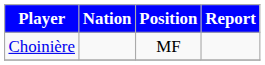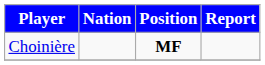 <table class="wikitable" style="font-size: 95%; text-align: center;">
 <tr>
 <th style="background:#00f; color:white; text-align:center;">Player</th>
 <th style="background:#00f; color:white; text-align:center;">Nation</th>
 <th style="background:#00f; color:white; text-align:center;">Position</th>
 <th style="background:#00f; color:white; text-align:center;">Report</th>
 </tr>
 <tr>
 <td style="text-align:left;"><a href='#'>Choinière</a></td>
 <td style="text-align:left;"></td>
-<td>MF</td>
+<td><strong>MF</strong></td>
 <td></td>
 </tr>
 <tr>
 </tr>
 </table>
